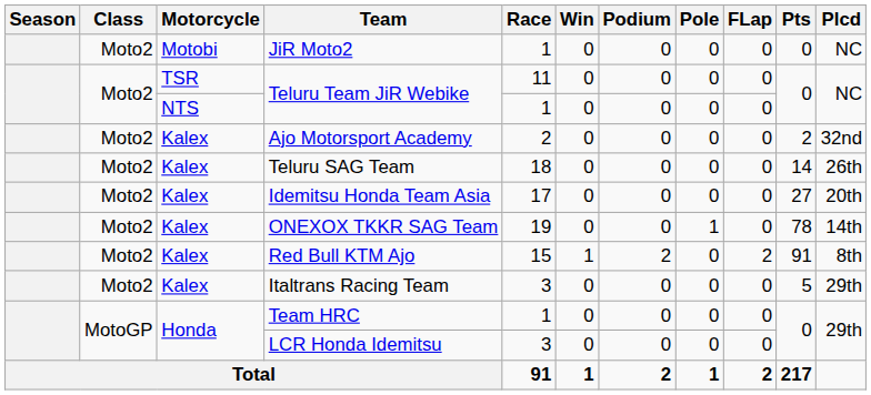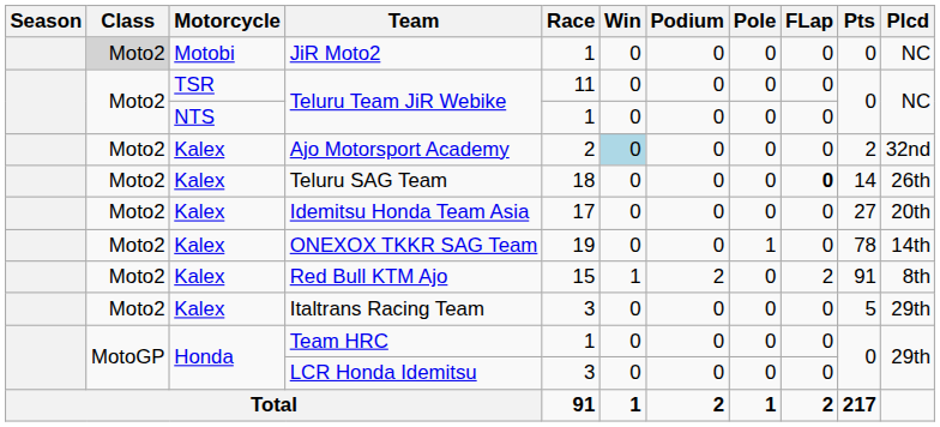 <table class="wikitable" style="text-align:right;">
 <tr>
 <th>Season</th>
 <th>Class</th>
 <th>Motorcycle</th>
 <th>Team</th>
 <th>Race</th>
 <th>Win</th>
 <th>Podium</th>
 <th>Pole</th>
 <th>FLap</th>
 <th>Pts</th>
 <th>Plcd</th>
 </tr>
 <tr>
 <th></th>
-<td>Moto2</td>
+<td style="background: lightgrey;">Moto2</td>
 <td style="text-align:left;"><a href='#'>Motobi</a></td>
 <td style="text-align:left;"><a href='#'>JiR Moto2</a></td>
 <td>1</td>
 <td>0</td>
 <td>0</td>
 <td>0</td>
 <td>0</td>
 <td>0</td>
 <td>NC</td>
 </tr>
 <tr>
 <th rowspan="2"></th>
 <td rowspan="2">Moto2</td>
 <td style="text-align:left;"><a href='#'>TSR</a></td>
 <td style="text-align:left;" rowspan="2"><a href='#'>Teluru Team JiR Webike</a></td>
 <td>11</td>
 <td>0</td>
 <td>0</td>
 <td>0</td>
 <td>0</td>
 <td rowspan="2">0</td>
 <td rowspan="2">NC</td>
 </tr>
 <tr>
 <td style="text-align:left;"><a href='#'>NTS</a></td>
 <td>1</td>
 <td>0</td>
 <td>0</td>
 <td>0</td>
 <td>0</td>
 </tr>
 <tr>
 <th></th>
 <td>Moto2</td>
 <td style="text-align:left;"><a href='#'>Kalex</a></td>
 <td style="text-align:left;"><a href='#'>Ajo Motorsport Academy</a></td>
 <td>2</td>
-<td>0</td>
+<td style="background: lightblue;">0</td>
 <td>0</td>
 <td>0</td>
 <td>0</td>
 <td>2</td>
 <td>32nd</td>
 </tr>
 <tr>
 <th></th>
 <td>Moto2</td>
 <td style="text-align:left;"><a href='#'>Kalex</a></td>
 <td style="text-align:left;">Teluru SAG Team</td>
 <td>18</td>
 <td>0</td>
 <td>0</td>
 <td>0</td>
-<td>0</td>
+<td><strong>0</strong></td>
 <td>14</td>
 <td>26th</td>
 </tr>
 <tr>
 <th></th>
 <td>Moto2</td>
 <td style="text-align:left;"><a href='#'>Kalex</a></td>
 <td style="text-align:left;"><a href='#'>Idemitsu Honda Team Asia</a></td>
 <td>17</td>
 <td>0</td>
 <td>0</td>
 <td>0</td>
 <td>0</td>
 <td>27</td>
 <td>20th</td>
 </tr>
 <tr>
 <th></th>
 <td>Moto2</td>
 <td style="text-align:left;"><a href='#'>Kalex</a></td>
 <td style="text-align:left;"><a href='#'>ONEXOX TKKR SAG Team</a></td>
 <td>19</td>
 <td>0</td>
 <td>0</td>
 <td>1</td>
 <td>0</td>
 <td>78</td>
 <td>14th</td>
 </tr>
 <tr>
 <th></th>
 <td>Moto2</td>
 <td style="text-align:left;"><a href='#'>Kalex</a></td>
 <td style="text-align:left;"><a href='#'>Red Bull KTM Ajo</a></td>
 <td>15</td>
 <td>1</td>
 <td>2</td>
 <td>0</td>
 <td>2</td>
 <td>91</td>
 <td>8th</td>
 </tr>
 <tr>
 <th></th>
 <td>Moto2</td>
 <td style="text-align:left;"><a href='#'>Kalex</a></td>
 <td style="text-align:left;">Italtrans Racing Team</td>
 <td>3</td>
 <td>0</td>
 <td>0</td>
 <td>0</td>
 <td>0</td>
 <td>5</td>
 <td>29th</td>
 </tr>
 <tr>
 <th rowspan="2"></th>
 <td rowspan="2">MotoGP</td>
 <td style="text-align:left;" rowspan=2><a href='#'>Honda</a></td>
 <td style="text-align:left;"><a href='#'>Team HRC</a></td>
 <td>1</td>
 <td>0</td>
 <td>0</td>
 <td>0</td>
 <td>0</td>
 <td rowspan="2">0</td>
 <td rowspan="2">29th</td>
 </tr>
 <tr>
 <td style="text-align:left;"><a href='#'>LCR Honda Idemitsu</a></td>
 <td>3</td>
 <td>0</td>
 <td>0</td>
 <td>0</td>
 <td>0</td>
 </tr>
 <tr>
 <th colspan="4">Total</th>
 <td><strong>91</strong></td>
 <td><strong>1</strong></td>
 <td><strong>2</strong></td>
 <td><strong>1</strong></td>
 <td><strong>2</strong></td>
 <td><strong>217</strong></td>
 <td></td>
 </tr>
 </table>
